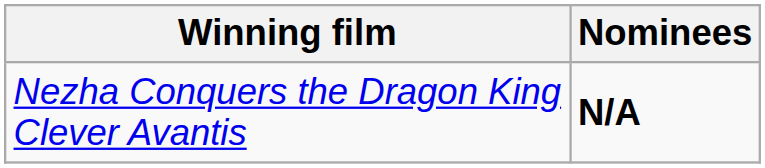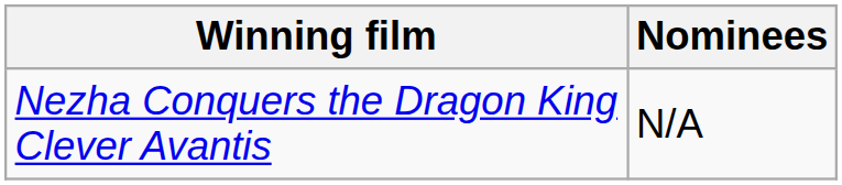 <table class="wikitable">
 <tr>
 <th>Winning film</th>
 <th>Nominees</th>
 </tr>
 <tr>
 <td><em><a href='#'>Nezha Conquers the Dragon King</a></em><br><em><a href='#'>Clever Avantis</a></em></td>
-<td><strong>N/A</strong></td>
+<td>N/A</td>
 </tr>
 </table>
